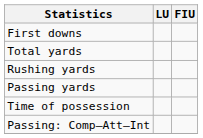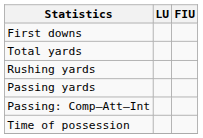 <table class="wikitable" style="float: left;">
 <tr>
 <th>Statistics</th>
 <th>LU</th>
 <th>FIU</th>
 </tr>
 <tr>
 <td>First downs</td>
 <td></td>
 <td></td>
 </tr>
 <tr>
 <td>Total yards</td>
 <td></td>
 <td></td>
 </tr>
 <tr>
 <td>Rushing yards</td>
 <td></td>
 <td></td>
 </tr>
 <tr>
 <td>Passing yards</td>
 <td></td>
 <td></td>
 </tr>
 <tr>
-<td>Time of possession</td>
+<td>Passing: Comp–Att–Int</td>
 <td></td>
 <td></td>
 </tr>
 <tr>
-<td>Passing: Comp–Att–Int</td>
+<td>Time of possession</td>
 <td></td>
 <td></td>
 </tr>
 <tr>
 </tr>
 </table>
